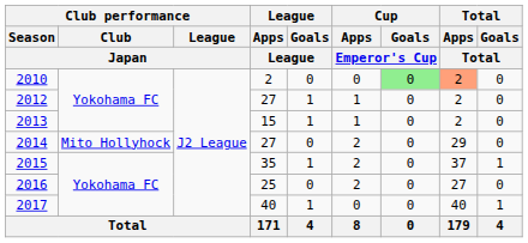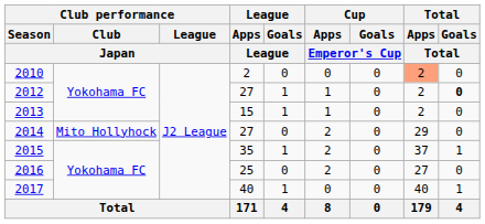 <table class="wikitable" style="text-align:center;">
 <tr>
 <th colspan=3>Club performance</th>
 <th colspan=2>League</th>
 <th colspan=2>Cup</th>
 <th colspan=2>Total</th>
 </tr>
 <tr>
 <th>Season</th>
 <th>Club</th>
 <th>League</th>
 <th>Apps</th>
 <th>Goals</th>
 <th>Apps</th>
 <th>Goals</th>
 <th>Apps</th>
 <th>Goals</th>
 </tr>
 <tr>
 <th colspan=3>Japan</th>
 <th colspan=2>League</th>
 <th colspan=2><a href='#'>Emperor's Cup</a></th>
 <th colspan=2>Total</th>
 </tr>
 <tr>
 <td><a href='#'>2010</a></td>
 <td rowspan="3"><a href='#'>Yokohama FC</a></td>
 <td rowspan="7"><a href='#'>J2 League</a></td>
 <td>2</td>
 <td>0</td>
 <td>0</td>
-<td style="background: lightgreen;">0</td>
+<td>0</td>
 <td style="background: lightsalmon;">2</td>
 <td>0</td>
 </tr>
 <tr>
 <td><a href='#'>2012</a></td>
 <td>27</td>
 <td>1</td>
 <td>1</td>
 <td>0</td>
 <td>2</td>
-<td>0</td>
+<td><strong>0</strong></td>
 </tr>
 <tr>
 <td><a href='#'>2013</a></td>
 <td>15</td>
 <td>1</td>
 <td>1</td>
 <td>0</td>
 <td>2</td>
 <td>0</td>
 </tr>
 <tr>
 <td><a href='#'>2014</a></td>
 <td><a href='#'>Mito Hollyhock</a></td>
 <td>27</td>
 <td>0</td>
 <td>2</td>
 <td>0</td>
 <td>29</td>
 <td>0</td>
 </tr>
 <tr>
 <td><a href='#'>2015</a></td>
 <td rowspan="3"><a href='#'>Yokohama FC</a></td>
 <td>35</td>
 <td>1</td>
 <td>2</td>
 <td>0</td>
 <td>37</td>
 <td>1</td>
 </tr>
 <tr>
 <td><a href='#'>2016</a></td>
 <td>25</td>
 <td>0</td>
 <td>2</td>
 <td>0</td>
 <td>27</td>
 <td>0</td>
 </tr>
 <tr>
 <td><a href='#'>2017</a></td>
 <td>40</td>
 <td>1</td>
 <td>0</td>
 <td>0</td>
 <td>40</td>
 <td>1</td>
 </tr>
 <tr>
 <th colspan=3>Total</th>
 <th>171</th>
 <th>4</th>
 <th>8</th>
 <th>0</th>
 <th>179</th>
 <th>4</th>
 </tr>
 </table>
